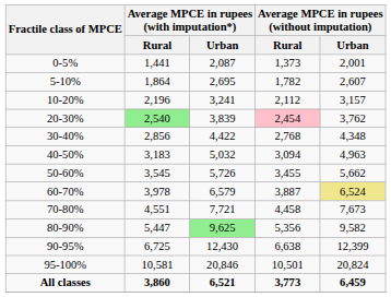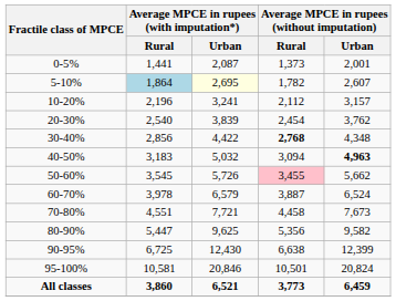 <table class="wikitable collapsible" style="margin-left:auto;margin-right:auto;text-align: center">
 <tr>
 <th rowspan="2">Fractile class of MPCE</th>
 <th rowspan="1" colspan="2">Average MPCE in rupees <br>(with imputation*)</th>
 <th rowspan="1" colspan="2">Average MPCE in rupees <br>(without imputation)</th>
 </tr>
 <tr>
 <th>Rural</th>
 <th>Urban</th>
 <th>Rural</th>
 <th>Urban</th>
 </tr>
 <tr>
 <td>0-5%</td>
 <td>1,441</td>
 <td>2,087</td>
 <td>1,373</td>
 <td>2,001</td>
 </tr>
 <tr>
 <td>5-10%</td>
-<td>1,864</td>
-<td>2,695</td>
+<td style="background: lightblue;">1,864</td>
+<td style="background: lightyellow;">2,695</td>
 <td>1,782</td>
 <td>2,607</td>
 </tr>
 <tr>
 <td>10-20%</td>
 <td>2,196</td>
 <td>3,241</td>
 <td>2,112</td>
 <td>3,157</td>
 </tr>
 <tr>
 <td>20-30%</td>
-<td style="background: lightgreen;">2,540</td>
+<td>2,540</td>
 <td>3,839</td>
-<td style="background: pink;">2,454</td>
+<td>2,454</td>
 <td>3,762</td>
 </tr>
 <tr>
 <td>30-40%</td>
 <td>2,856</td>
 <td>4,422</td>
-<td>2,768</td>
+<td><strong>2,768</strong></td>
 <td>4,348</td>
 </tr>
 <tr>
 <td>40-50%</td>
 <td>3,183</td>
 <td>5,032</td>
 <td>3,094</td>
-<td>4,963</td>
+<td><strong>4,963</strong></td>
 </tr>
 <tr>
 <td>50-60%</td>
 <td>3,545</td>
 <td>5,726</td>
-<td>3,455</td>
+<td style="background: pink;">3,455</td>
 <td>5,662</td>
 </tr>
 <tr>
 <td>60-70%</td>
 <td>3,978</td>
 <td>6,579</td>
 <td>3,887</td>
-<td style="background: khaki;">6,524</td>
+<td>6,524</td>
 </tr>
 <tr>
 <td>70-80%</td>
 <td>4,551</td>
 <td>7,721</td>
 <td>4,458</td>
 <td>7,673</td>
 </tr>
 <tr>
 <td>80-90%</td>
 <td>5,447</td>
-<td style="background: lightgreen;">9,625</td>
+<td>9,625</td>
 <td>5,356</td>
 <td>9,582</td>
 </tr>
 <tr>
 <td>90-95%</td>
 <td>6,725</td>
 <td>12,430</td>
 <td>6,638</td>
 <td>12,399</td>
 </tr>
 <tr>
 <td>95-100%</td>
 <td>10,581</td>
 <td>20,846</td>
 <td>10,501</td>
 <td>20,824</td>
 </tr>
 <tr>
 <td><strong>All classes</strong></td>
 <td><strong>3,860</strong></td>
 <td><strong>6,521</strong></td>
 <td><strong>3,773</strong></td>
 <td><strong>6,459</strong></td>
 </tr>
 <tr>
 </tr>
 </table>
